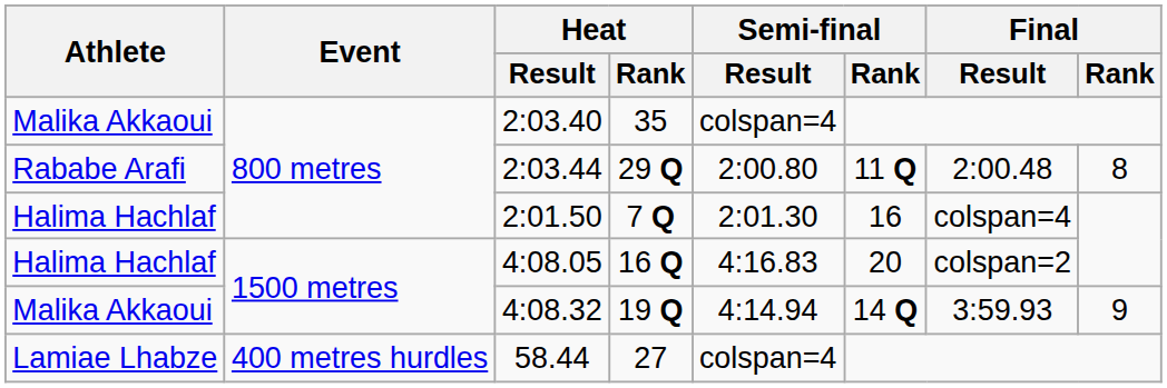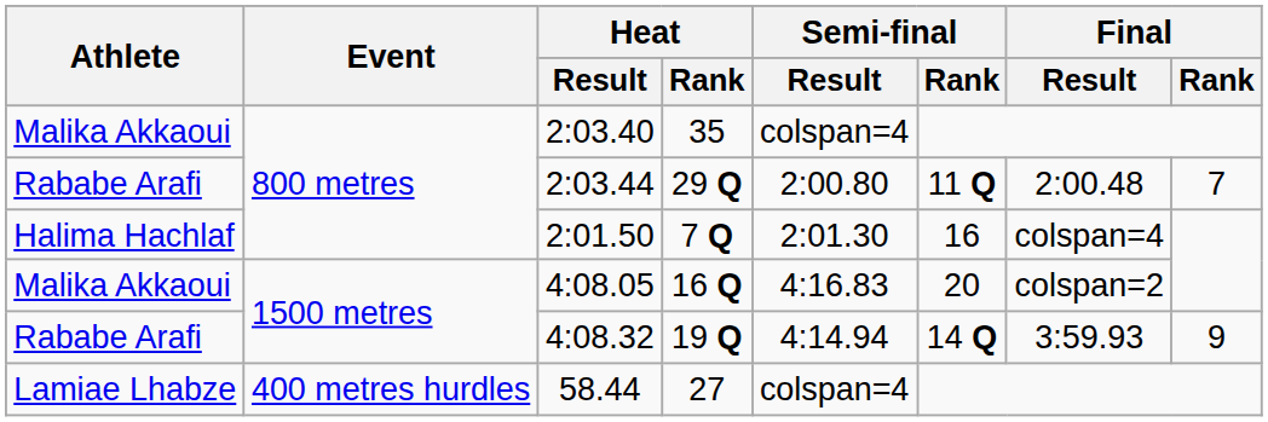 <table class="wikitable" style="font-size:90%">
 <tr>
 <th rowspan="2">Athlete</th>
 <th rowspan="2">Event</th>
 <th colspan="2">Heat</th>
 <th colspan="2">Semi-final</th>
 <th colspan="2">Final</th>
 </tr>
 <tr style="font-size:95%">
 <th>Result</th>
 <th>Rank</th>
 <th>Result</th>
 <th>Rank</th>
 <th>Result</th>
 <th>Rank</th>
 </tr>
 <tr style=text-align:center>
 <td style=text-align:left><a href='#'>Malika Akkaoui</a></td>
 <td style=text-align:left rowspan=3><a href='#'>800 metres</a></td>
 <td>2:03.40</td>
 <td>35</td>
 <td>colspan=4 </td>
 </tr>
 <tr align=center>
 <td style=text-align:left><a href='#'>Rababe Arafi</a></td>
 <td>2:03.44</td>
 <td>29 <strong>Q</strong></td>
 <td>2:00.80</td>
 <td>11 <strong>Q</strong></td>
 <td>2:00.48</td>
-<td>8</td>
+<td>7</td>
 </tr>
 <tr align=center>
 <td style=text-align:left><a href='#'>Halima Hachlaf</a></td>
 <td>2:01.50</td>
 <td>7 <strong>Q</strong></td>
 <td>2:01.30</td>
 <td>16</td>
 <td>colspan=4 </td>
 </tr>
 <tr style=text-align:center>
-<td style=text-align:left><a href='#'>Halima Hachlaf</a></td>
+<td style=text-align:left><a href='#'>Malika Akkaoui</a></td>
 <td style=text-align:left rowspan=2><a href='#'>1500 metres</a></td>
 <td>4:08.05</td>
 <td>16 <strong>Q</strong></td>
 <td>4:16.83</td>
 <td>20</td>
 <td>colspan=2 </td>
 </tr>
 <tr align=center>
-<td style=text-align:left><a href='#'>Malika Akkaoui</a></td>
+<td style=text-align:left><a href='#'>Rababe Arafi</a></td>
 <td>4:08.32</td>
 <td>19 <strong>Q</strong></td>
 <td>4:14.94</td>
 <td>14 <strong>Q</strong></td>
 <td>3:59.93</td>
 <td>9</td>
 </tr>
 <tr style=text-align:center>
 <td style=text-align:left><a href='#'>Lamiae Lhabze</a></td>
 <td style=text-align:left><a href='#'>400 metres hurdles</a></td>
 <td>58.44</td>
 <td>27</td>
 <td>colspan=4 </td>
 </tr>
 </table>
